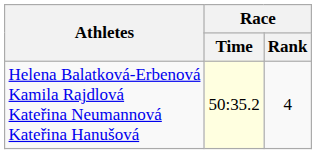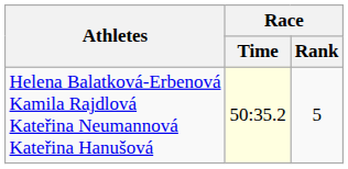 <table class="wikitable" border="1" style="font-size:90%">
 <tr>
 <th rowspan=2>Athletes</th>
 <th colspan=2>Race</th>
 </tr>
 <tr>
 <th>Time</th>
 <th>Rank</th>
 </tr>
 <tr>
 <td><a href='#'>Helena Balatková-Erbenová</a><br><a href='#'>Kamila Rajdlová</a><br><a href='#'>Kateřina Neumannová</a><br><a href='#'>Kateřina Hanušová</a></td>
 <td align=center style="background: lightyellow;">50:35.2</td>
-<td align=center>4</td>
+<td align=center>5</td>
 </tr>
 </table>
